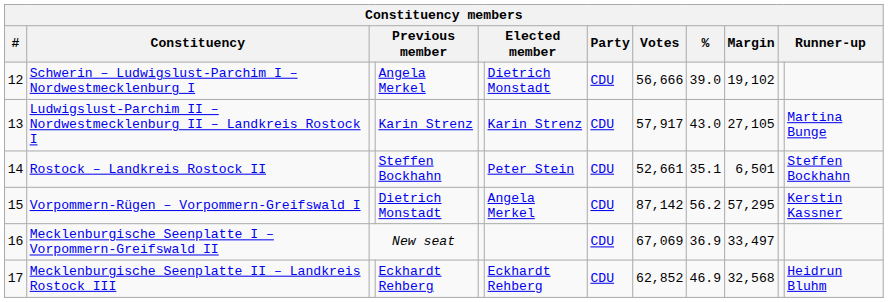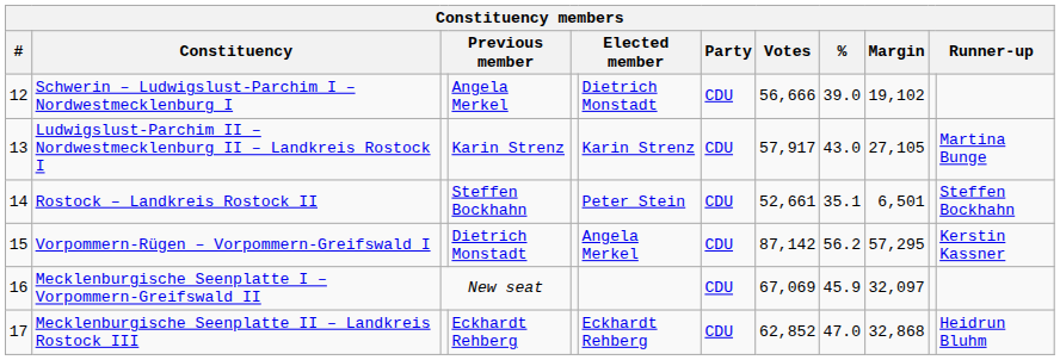 <table class="wikitable sortable" style="text-align:right">
 <tr>
 <th colspan="12">Constituency members</th>
 </tr>
 <tr>
 <th>#</th>
 <th>Constituency</th>
 <th colspan="2">Previous member</th>
 <th colspan="2">Elected member</th>
 <th>Party</th>
 <th>Votes</th>
 <th>%</th>
 <th>Margin</th>
 <th colspan="2">Runner-up</th>
 </tr>
 <tr>
 <td>12</td>
 <td align=left><a href='#'>Schwerin – Ludwigslust-Parchim I – Nordwestmecklenburg I</a></td>
 <td bgcolor=></td>
 <td align=left><a href='#'>Angela Merkel</a></td>
 <td bgcolor=></td>
 <td align=left><a href='#'>Dietrich Monstadt</a></td>
 <td align=left><a href='#'>CDU</a></td>
 <td>56,666</td>
 <td>39.0</td>
 <td>19,102</td>
 <td bgcolor=></td>
 <td align=left></td>
 </tr>
 <tr>
 <td>13</td>
 <td align=left><a href='#'>Ludwigslust-Parchim II – Nordwestmecklenburg II – Landkreis Rostock I</a></td>
 <td bgcolor=></td>
 <td align=left><a href='#'>Karin Strenz</a></td>
 <td bgcolor=></td>
 <td align=left><a href='#'>Karin Strenz</a></td>
 <td align=left><a href='#'>CDU</a></td>
 <td>57,917</td>
 <td>43.0</td>
 <td>27,105</td>
 <td bgcolor=></td>
 <td align=left><a href='#'>Martina Bunge</a></td>
 </tr>
 <tr>
 <td>14</td>
 <td align=left><a href='#'>Rostock – Landkreis Rostock II</a></td>
 <td bgcolor=></td>
 <td align=left><a href='#'>Steffen Bockhahn</a></td>
 <td></td>
 <td align=left><a href='#'>Peter Stein</a></td>
 <td align=left><a href='#'>CDU</a></td>
 <td>52,661</td>
 <td>35.1</td>
 <td>6,501</td>
 <td bgcolor=></td>
 <td align=left><a href='#'>Steffen Bockhahn</a></td>
 </tr>
 <tr>
 <td>15</td>
 <td align=left><a href='#'>Vorpommern-Rügen – Vorpommern-Greifswald I</a></td>
 <td bgcolor=></td>
 <td align=left><a href='#'>Dietrich Monstadt</a></td>
 <td bgcolor=></td>
 <td align=left><a href='#'>Angela Merkel</a></td>
 <td align=left><a href='#'>CDU</a></td>
 <td>87,142</td>
 <td>56.2</td>
 <td>57,295</td>
 <td bgcolor=></td>
 <td align=left><a href='#'>Kerstin Kassner</a></td>
 </tr>
 <tr>
 <td>16</td>
 <td align=left><a href='#'>Mecklenburgische Seenplatte I – Vorpommern-Greifswald II</a></td>
 <td align=center colspan=2><em>New seat</em></td>
 <td bgcolor=></td>
 <td align=left></td>
 <td align="left"><a href='#'>CDU</a></td>
 <td>67,069</td>
-<td>36.9</td>
-<td>33,497</td>
+<td>45.9</td>
+<td>32,097</td>
 <td bgcolor=></td>
 <td align=left></td>
 </tr>
 <tr>
 <td>17</td>
 <td align=left><a href='#'>Mecklenburgische Seenplatte II – Landkreis Rostock III</a></td>
 <td bgcolor=></td>
 <td align=left><a href='#'>Eckhardt Rehberg</a></td>
 <td bgcolor=></td>
 <td align=left><a href='#'>Eckhardt Rehberg</a></td>
 <td align=left><a href='#'>CDU</a></td>
 <td>62,852</td>
-<td>46.9</td>
-<td>32,568</td>
+<td>47.0</td>
+<td>32,868</td>
 <td bgcolor=></td>
 <td align=left><a href='#'>Heidrun Bluhm</a></td>
 </tr>
 </table>
